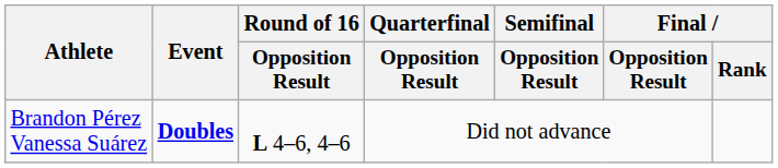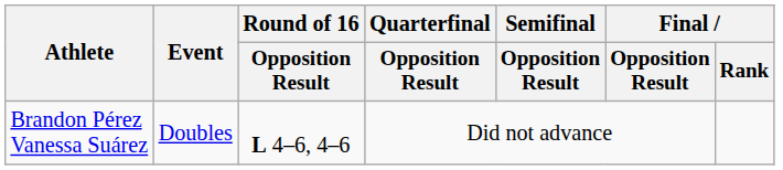 <table class=wikitable style=font-size:90%;text-align:center>
 <tr>
 <th rowspan=2>Athlete</th>
 <th rowspan=2>Event</th>
 <th>Round of 16</th>
 <th>Quarterfinal</th>
 <th>Semifinal</th>
 <th colspan=2>Final / </th>
 </tr>
 <tr style=font-size:95%>
 <th>Opposition<br>Result</th>
 <th>Opposition<br>Result</th>
 <th>Opposition<br>Result</th>
 <th>Opposition<br>Result</th>
 <th>Rank</th>
 </tr>
 <tr>
 <td align=left><a href='#'>Brandon Pérez</a><br><a href='#'>Vanessa Suárez</a></td>
-<td align=left><strong><a href='#'>Doubles</a></strong></td>
+<td align=left><a href='#'>Doubles</a></td>
 <td><br><strong>L</strong> 4–6, 4–6</td>
 <td colspan=3>Did not advance</td>
 <td></td>
 </tr>
 </table>
